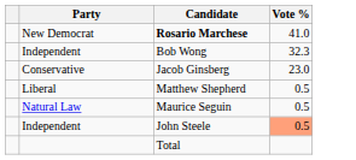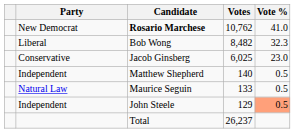 <table class="wikitable">
 <tr>
 <th></th>
 <th scope="col" width="175">Party</th>
 <th scope="col" width="150">Candidate</th>
+<th>Votes</th>
 <th>Vote %</th>
 </tr>
 <tr>
 <td>   </td>
 <td>New Democrat</td>
 <td><strong>Rosario Marchese</strong></td>
+<td align=right>10,762</td>
 <td align=right>41.0</td>
 </tr>
 <tr |>
 <td>   </td>
-<td>Independent</td>
+<td>Liberal</td>
 <td>Bob Wong</td>
+<td align=right>8,482</td>
 <td align=right>32.3</td>
 </tr>
 <tr |>
 <td>   </td>
 <td>Conservative</td>
 <td>Jacob Ginsberg</td>
+<td align=right>6,025</td>
 <td align=right>23.0<br> </td>
 </tr>
 <tr |>
 <td>   </td>
-<td>Liberal</td>
+<td>Independent</td>
 <td>Matthew Shepherd</td>
+<td align=right>140</td>
 <td align=right>0.5</td>
 </tr>
 <tr |>
 <td>   </td>
 <td><a href='#'>Natural Law</a></td>
 <td>Maurice Seguin</td>
+<td align=right>133</td>
 <td align=right>0.5</td>
 </tr>
 <tr |>
 <td>   </td>
 <td>Independent</td>
 <td>John Steele</td>
+<td align=right>129</td>
 <td align=right style="background: lightsalmon;">0.5</td>
 </tr>
 <tr |>
 <td></td>
 <td></td>
 <td>Total</td>
+<td align=right>26,237</td>
 <td></td>
 </tr>
 </table>
